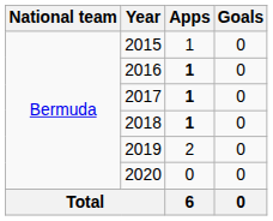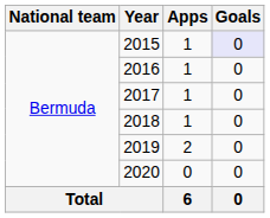 <table class="wikitable" style="text-align:center">
 <tr>
 <th>National team</th>
 <th>Year</th>
 <th>Apps</th>
 <th>Goals</th>
 </tr>
 <tr>
 <td rowspan="6"><a href='#'>Bermuda</a></td>
 <td>2015</td>
 <td>1</td>
-<td>0</td>
+<td style="background: lavender;">0</td>
 </tr>
 <tr>
 <td>2016</td>
-<td><strong>1</strong></td>
+<td>1</td>
 <td>0</td>
 </tr>
 <tr>
 <td>2017</td>
-<td><strong>1</strong></td>
+<td>1</td>
 <td>0</td>
 </tr>
 <tr>
 <td>2018</td>
-<td><strong>1</strong></td>
+<td>1</td>
 <td>0</td>
 </tr>
 <tr>
 <td>2019</td>
 <td>2</td>
 <td>0</td>
 </tr>
 <tr>
 <td>2020</td>
 <td>0</td>
 <td>0</td>
 </tr>
 <tr>
 <th colspan=2>Total</th>
 <th>6</th>
 <th>0</th>
 </tr>
 </table>
